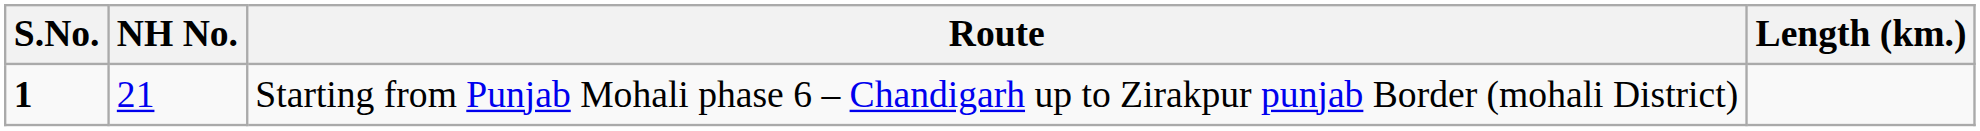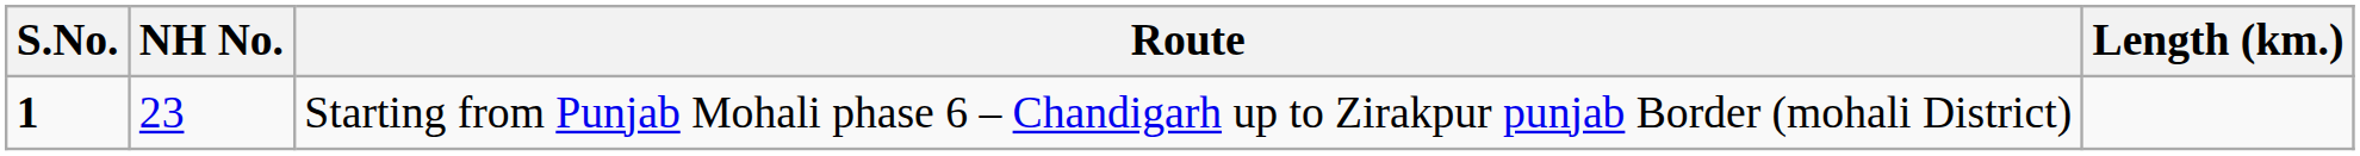 <table class="wikitable">
 <tr>
 <th>S.No.</th>
 <th>NH No.</th>
 <th>Route</th>
 <th>Length (km.)</th>
 </tr>
 <tr>
 <td><strong>1</strong></td>
-<td><a href='#'>21</a></td>
+<td><a href='#'>23</a></td>
 <td>Starting from <a href='#'>Punjab</a> Mohali phase 6 – <a href='#'>Chandigarh</a> up to Zirakpur <a href='#'>punjab</a> Border (mohali District)</td>
 <td></td>
 </tr>
 </table>
